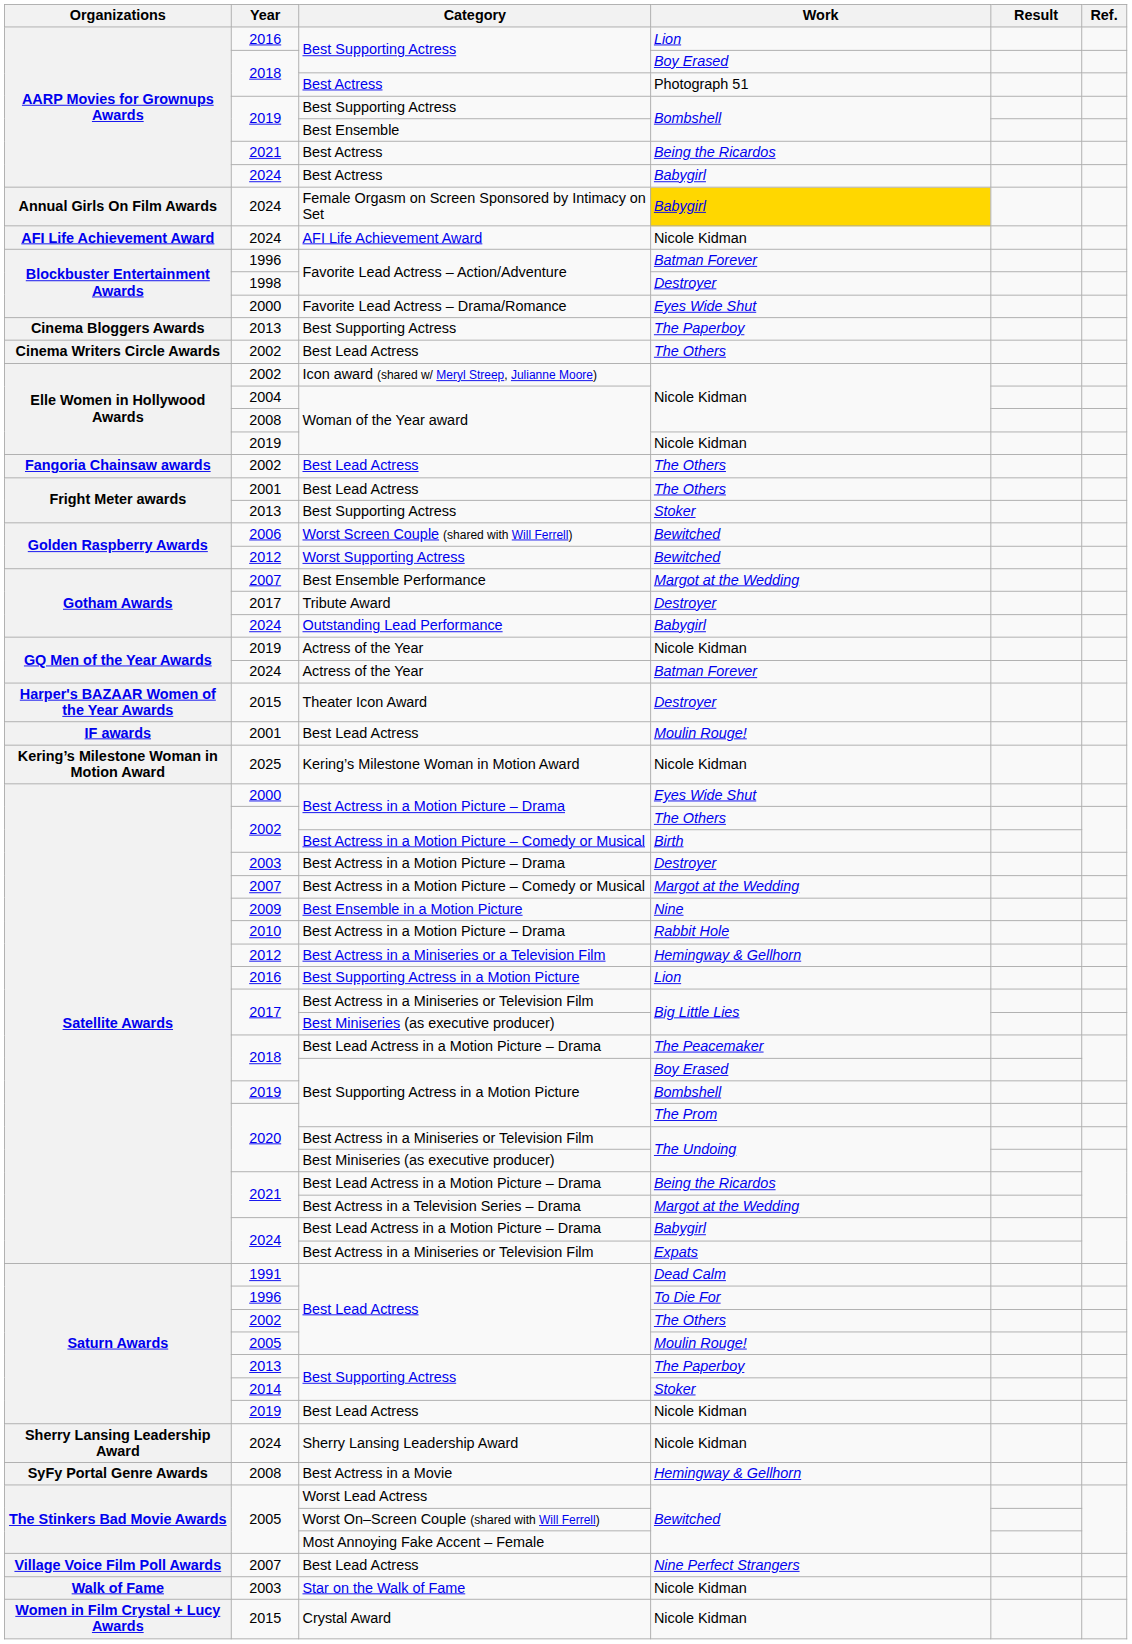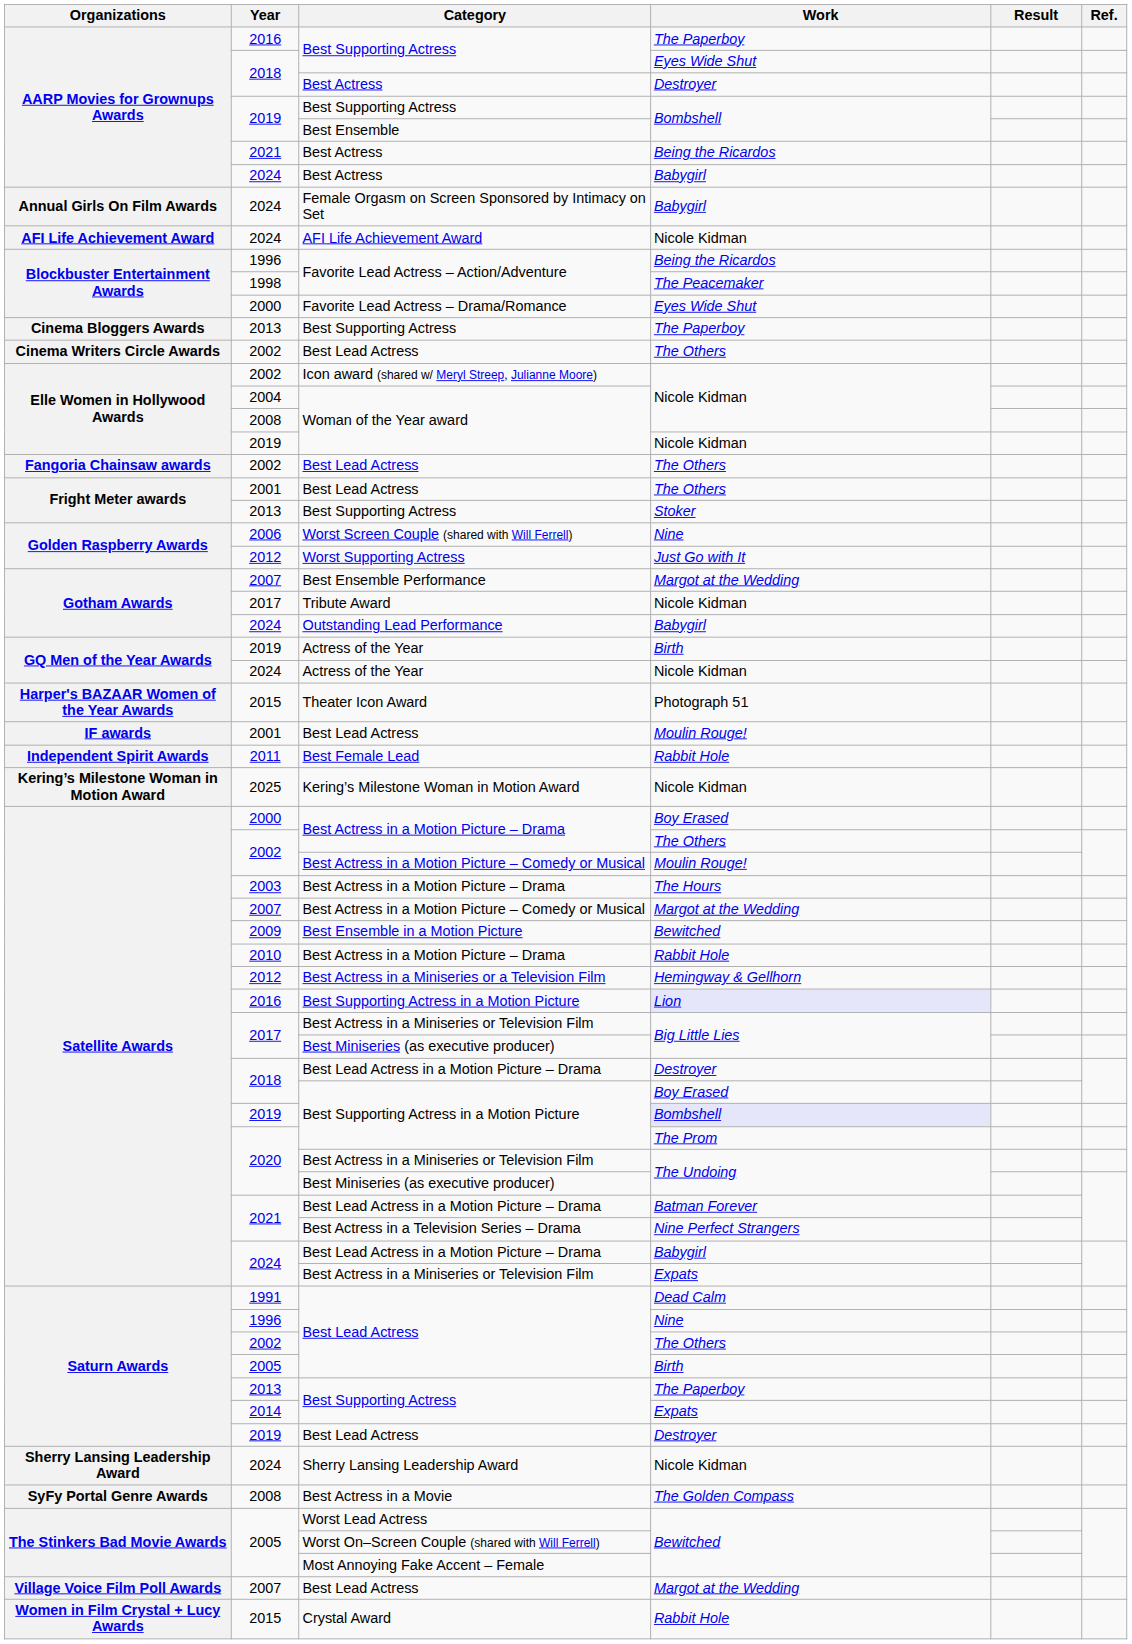 <table class="wikitable sortable plainrowheaders">
 <tr>
 <th scope="col" style="width:20%;">Organizations</th>
 <th scope="col" style="width:6%;">Year</th>
 <th scope="col" style="width:31%;">Category</th>
 <th scope="col" style="width:30%;">Work</th>
 <th scope="col" style="width:8%;">Result</th>
 <th scope="col" style="width:4%;" class="unsortable">Ref.</th>
 </tr>
 <tr>
 <th rowspan="7" scope="row"><a href='#'>AARP Movies for Grownups Awards</a></th>
 <td style="text-align:center;"><a href='#'>2016</a></td>
 <td rowspan="2"><a href='#'>Best Supporting Actress</a></td>
-<td><em><a href='#'>Lion</a></em></td>
+<td><em><a href='#'>The Paperboy</a></em></td>
 <td></td>
 <td align="center"></td>
 </tr>
 <tr>
 <td style="text-align:center;", rowspan="2"><a href='#'>2018</a></td>
-<td><em><a href='#'>Boy Erased</a></em></td>
+<td><em><a href='#'>Eyes Wide Shut</a></em></td>
 <td></td>
 <td align="center"></td>
 </tr>
 <tr>
 <td><a href='#'>Best Actress</a></td>
-<td>Photograph 51</td>
+<td><em><a href='#'>Destroyer</a></em></td>
 <td></td>
 <td align="center"></td>
 </tr>
 <tr>
 <td style="text-align:center;", rowspan="2"><a href='#'>2019</a></td>
 <td>Best Supporting Actress</td>
 <td rowspan="2"><em><a href='#'>Bombshell</a></em></td>
 <td></td>
 <td align="center"></td>
 </tr>
 <tr>
 <td>Best Ensemble</td>
 <td></td>
 <td align="center"></td>
 </tr>
 <tr>
 <td style="text-align:center;"><a href='#'>2021</a></td>
 <td>Best Actress</td>
 <td><em><a href='#'>Being the Ricardos</a></em></td>
 <td></td>
 <td align="center"></td>
 </tr>
 <tr>
 <td style="text-align:center;"><a href='#'>2024</a></td>
 <td>Best Actress</td>
 <td><em><a href='#'>Babygirl</a></em></td>
 <td></td>
 <td align="center"></td>
 </tr>
 <tr>
 <th rowspan="1" scope="row">Annual Girls On Film Awards</th>
 <td style="text-align:center;">2024</td>
 <td>Female Orgasm on Screen Sponsored by Intimacy on Set</td>
-<td style="background: gold;"><em><a href='#'>Babygirl</a></em></td>
+<td><em><a href='#'>Babygirl</a></em></td>
 <td></td>
 <td align="center"></td>
 </tr>
 <tr>
 <th rowspan="1" scope="row"><a href='#'>AFI Life Achievement Award</a></th>
 <td style="text-align:center;">2024</td>
 <td><a href='#'>AFI Life Achievement Award</a></td>
 <td>Nicole Kidman</td>
 <td></td>
 <td align="center"></td>
 </tr>
 <tr>
 <th rowspan="3" scope="row"><a href='#'>Blockbuster Entertainment Awards</a></th>
 <td style="text-align:center;">1996</td>
 <td rowspan="2">Favorite Lead Actress – Action/Adventure</td>
-<td><em><a href='#'>Batman Forever</a></em></td>
+<td><em><a href='#'>Being the Ricardos</a></em></td>
 <td></td>
 <td align="center"></td>
 </tr>
 <tr>
 <td style="text-align:center;">1998</td>
-<td><em><a href='#'>Destroyer</a></em></td>
+<td><em><a href='#'>The Peacemaker</a></em></td>
 <td></td>
 <td align="center"></td>
 </tr>
 <tr>
 <td style="text-align:center;">2000</td>
 <td>Favorite Lead Actress – Drama/Romance</td>
 <td><em><a href='#'>Eyes Wide Shut</a></em></td>
 <td></td>
 <td align="center"></td>
 </tr>
 <tr>
 <th rowspan="1" scope="row">Cinema Bloggers Awards</th>
 <td style="text-align:center;">2013</td>
 <td>Best Supporting Actress</td>
 <td><em><a href='#'>The Paperboy</a></em></td>
 <td></td>
 <td align="center"></td>
 </tr>
 <tr>
 <th rowspan="1" scope="row">Cinema Writers Circle Awards</th>
 <td style="text-align:center;">2002</td>
 <td>Best Lead Actress</td>
 <td><em><a href='#'>The Others</a></em></td>
 <td></td>
 <td align="center"></td>
 </tr>
 <tr>
 <th rowspan="4" scope="row">Elle Women in Hollywood Awards</th>
 <td style="text-align:center;">2002</td>
 <td>Icon award <small>(shared w/ <a href='#'>Meryl Streep</a>, <a href='#'>Julianne Moore</a>)</small></td>
 <td rowspan="3">Nicole Kidman</td>
 <td></td>
 <td></td>
 </tr>
 <tr>
 <td style="text-align:center;">2004</td>
 <td rowspan="3">Woman of the Year award</td>
 <td></td>
 <td></td>
 </tr>
 <tr>
 <td style="text-align:center;">2008</td>
 <td></td>
 <td></td>
 </tr>
 <tr>
 <td style="text-align:center;">2019</td>
 <td rowspan="1">Nicole Kidman</td>
 <td></td>
 <td></td>
 </tr>
 <tr>
 <th rowspan="1" scope="row"><a href='#'>Fangoria Chainsaw awards</a></th>
 <td style="text-align:center;">2002</td>
 <td><a href='#'>Best Lead Actress</a></td>
 <td><em><a href='#'>The Others</a></em></td>
 <td></td>
 <td align="center"></td>
 </tr>
 <tr>
 <th rowspan="2" scope="row">Fright Meter awards</th>
 <td style="text-align:center;">2001</td>
 <td>Best Lead Actress</td>
 <td><em><a href='#'>The Others</a></em></td>
 <td></td>
 <td align="center"></td>
 </tr>
 <tr>
 <td style="text-align:center;">2013</td>
 <td>Best Supporting Actress</td>
 <td><em><a href='#'>Stoker</a></em></td>
 <td></td>
 <td align="center"></td>
 </tr>
 <tr>
 <th rowspan="2" scope="row"><a href='#'>Golden Raspberry Awards</a></th>
 <td style="text-align:center;"><a href='#'>2006</a></td>
 <td><a href='#'>Worst Screen Couple</a> <small>(shared with <a href='#'>Will Ferrell</a>)</small></td>
-<td><em><a href='#'>Bewitched</a></em></td>
+<td><em><a href='#'>Nine</a></em></td>
 <td></td>
 <td></td>
 </tr>
 <tr>
 <td style="text-align:center;"><a href='#'>2012</a></td>
 <td><a href='#'>Worst Supporting Actress</a></td>
-<td><em><a href='#'>Bewitched</a></em></td>
+<td><em><a href='#'>Just Go with It</a></em></td>
 <td></td>
 <td></td>
 </tr>
 <tr>
 <th rowspan="3" scope="row"><a href='#'>Gotham Awards</a></th>
 <td style="text-align:center;"><a href='#'>2007</a></td>
 <td>Best Ensemble Performance</td>
 <td><em><a href='#'>Margot at the Wedding</a></em></td>
 <td></td>
 <td align="center"></td>
 </tr>
 <tr>
 <td style="text-align:center;">2017</td>
 <td>Tribute Award</td>
-<td><em><a href='#'>Destroyer</a></em></td>
+<td>Nicole Kidman</td>
 <td></td>
 <td align="center"></td>
 </tr>
 <tr>
 <td style="text-align:center;"><a href='#'>2024</a></td>
 <td><a href='#'>Outstanding Lead Performance</a></td>
 <td><em><a href='#'>Babygirl</a></em></td>
 <td></td>
 <td align="center"></td>
 </tr>
 <tr>
 <th rowspan="2" scope="row"><a href='#'>GQ Men of the Year Awards</a></th>
 <td style="text-align:center;">2019</td>
 <td>Actress of the Year</td>
-<td>Nicole Kidman</td>
+<td><em><a href='#'>Birth</a></em></td>
 <td></td>
 <td align="center"></td>
 </tr>
 <tr>
 <td style="text-align:center;">2024</td>
 <td>Actress of the Year</td>
-<td><em><a href='#'>Batman Forever</a></em></td>
+<td>Nicole Kidman</td>
 <td></td>
 <td align="center"></td>
 </tr>
 <tr>
 <th rowspan="1" scope="row"><a href='#'>Harper's BAZAAR Women of the Year Awards</a></th>
 <td style="text-align:center;">2015</td>
 <td>Theater Icon Award</td>
-<td><em><a href='#'>Destroyer</a></em></td>
+<td>Photograph 51</td>
 <td></td>
 <td align="center"></td>
 </tr>
 <tr>
 <th rowspan="1" scope="row"><a href='#'>IF awards</a></th>
 <td style="text-align:center;">2001</td>
 <td>Best Lead Actress</td>
 <td><em><a href='#'>Moulin Rouge!</a></em></td>
 <td></td>
 <td align="center"></td>
+</tr>
+<tr>
+<th rowspan="1" scope="row"><a href='#'>Independent Spirit Awards</a></th>
+<td style="text-align:center;"><a href='#'>2011</a></td>
+<td><a href='#'>Best Female Lead</a></td>
+<td><em><a href='#'>Rabbit Hole</a></em></td>
+<td></td>
+<td></td>
 </tr>
 <tr>
 <th rowspan="1" scope="row">Kering’s Milestone Woman in Motion Award</th>
 <td style="text-align:center;">2025</td>
 <td>Kering’s Milestone Woman in Motion Award</td>
 <td>Nicole Kidman</td>
 <td></td>
 <td align="center"></td>
 </tr>
 <tr>
 <th rowspan="21" scope="row"><a href='#'>Satellite Awards</a></th>
 <td style="text-align:center;"><a href='#'>2000</a></td>
 <td rowspan="2"><a href='#'>Best Actress in a Motion Picture – Drama</a></td>
-<td><em><a href='#'>Eyes Wide Shut</a></em></td>
+<td><em><a href='#'>Boy Erased</a></em></td>
 <td></td>
 <td></td>
 </tr>
 <tr>
 <td style="text-align:center;", rowspan="2"><a href='#'>2002</a></td>
 <td><em><a href='#'>The Others</a></em></td>
 <td></td>
 <td rowspan="2"></td>
 </tr>
 <tr>
 <td><a href='#'>Best Actress in a Motion Picture – Comedy or Musical</a></td>
-<td><em><a href='#'>Birth</a></em></td>
+<td><em><a href='#'>Moulin Rouge!</a></em></td>
 <td></td>
 </tr>
 <tr>
 <td style="text-align:center;"><a href='#'>2003</a></td>
 <td>Best Actress in a Motion Picture – Drama</td>
-<td><em><a href='#'>Destroyer</a></em></td>
+<td><em><a href='#'>The Hours</a></em></td>
 <td></td>
 <td></td>
 </tr>
 <tr>
 <td style="text-align:center;"><a href='#'>2007</a></td>
 <td>Best Actress in a Motion Picture – Comedy or Musical</td>
 <td><em><a href='#'>Margot at the Wedding</a></em></td>
 <td></td>
 <td></td>
 </tr>
 <tr>
 <td style="text-align:center;"><a href='#'>2009</a></td>
 <td><a href='#'>Best Ensemble in a Motion Picture</a></td>
-<td><em><a href='#'>Nine</a></em></td>
+<td><em><a href='#'>Bewitched</a></em></td>
 <td></td>
 <td></td>
 </tr>
 <tr>
 <td style="text-align:center;"><a href='#'>2010</a></td>
 <td>Best Actress in a Motion Picture – Drama</td>
 <td><em><a href='#'>Rabbit Hole</a></em></td>
 <td></td>
 <td></td>
 </tr>
 <tr>
 <td style="text-align:center;"><a href='#'>2012</a></td>
 <td><a href='#'>Best Actress in a Miniseries or a Television Film</a></td>
 <td><em><a href='#'>Hemingway & Gellhorn</a></em></td>
 <td></td>
 <td></td>
 </tr>
 <tr>
 <td style="text-align:center;"><a href='#'>2016</a></td>
 <td><a href='#'>Best Supporting Actress in a Motion Picture</a></td>
-<td><em><a href='#'>Lion</a></em></td>
+<td style="background: lavender;"><em><a href='#'>Lion</a></em></td>
 <td></td>
 <td></td>
 </tr>
 <tr>
 <td style="text-align:center;", rowspan="2"><a href='#'>2017</a></td>
 <td>Best Actress in a Miniseries or Television Film</td>
 <td rowspan="2"><em><a href='#'>Big Little Lies</a></em></td>
 <td></td>
 <td></td>
 </tr>
 <tr>
 <td><a href='#'>Best Miniseries</a> (as executive producer)</td>
 <td></td>
 <td></td>
 </tr>
 <tr>
 <td style="text-align:center;", rowspan="2"><a href='#'>2018</a></td>
 <td>Best Lead Actress in a Motion Picture – Drama</td>
-<td><em><a href='#'>The Peacemaker</a></em></td>
+<td><em><a href='#'>Destroyer</a></em></td>
 <td></td>
 <td rowspan="2"></td>
 </tr>
 <tr>
 <td rowspan="3">Best Supporting Actress in a Motion Picture</td>
 <td><em><a href='#'>Boy Erased</a></em></td>
 <td></td>
 </tr>
 <tr>
 <td style="text-align:center;"><a href='#'>2019</a></td>
-<td><em><a href='#'>Bombshell</a></em></td>
+<td style="background: lavender;"><em><a href='#'>Bombshell</a></em></td>
 <td></td>
 <td></td>
 </tr>
 <tr>
 <td style="text-align:center;", rowspan="3"><a href='#'>2020</a></td>
 <td><em><a href='#'>The Prom</a></em></td>
 <td></td>
 </tr>
 <tr>
 <td>Best Actress in a Miniseries or Television Film</td>
 <td rowspan="2"><em><a href='#'>The Undoing</a></em></td>
 <td></td>
 <td></td>
 </tr>
 <tr>
 <td>Best Miniseries (as executive producer)</td>
 <td></td>
 </tr>
 <tr>
 <td style="text-align:center;", rowspan="2"><a href='#'>2021</a></td>
 <td>Best Lead Actress in a Motion Picture – Drama</td>
-<td><em><a href='#'>Being the Ricardos</a></em></td>
+<td><em><a href='#'>Batman Forever</a></em></td>
 <td></td>
 </tr>
 <tr>
 <td>Best Actress in a Television Series – Drama</td>
-<td><em><a href='#'>Margot at the Wedding</a></em></td>
+<td><em><a href='#'>Nine Perfect Strangers</a></em></td>
 <td></td>
 </tr>
 <tr>
 <td style="text-align:center;", rowspan="2"><a href='#'>2024</a></td>
 <td>Best Lead Actress in a Motion Picture – Drama</td>
 <td><em><a href='#'>Babygirl</a></em></td>
 <td></td>
 <td style="text-align:center;" rowspan="2"></td>
 </tr>
 <tr>
 <td>Best Actress in a Miniseries or Television Film</td>
 <td><em><a href='#'>Expats</a></em></td>
 <td></td>
 </tr>
 <tr>
 <th rowspan="7" scope="row"><a href='#'>Saturn Awards</a></th>
 <td style="text-align:center;"><a href='#'>1991</a></td>
 <td rowspan="4"><a href='#'>Best Lead Actress</a></td>
 <td><em><a href='#'>Dead Calm</a></em></td>
 <td></td>
 <td></td>
 </tr>
 <tr>
 <td style="text-align:center;"><a href='#'>1996</a></td>
-<td><em><a href='#'>To Die For</a></em></td>
+<td><em><a href='#'>Nine</a></em></td>
 <td></td>
 <td></td>
 </tr>
 <tr>
 <td style="text-align:center;"><a href='#'>2002</a></td>
 <td><em><a href='#'>The Others</a></em></td>
 <td></td>
 <td></td>
 </tr>
 <tr>
 <td style="text-align:center;"><a href='#'>2005</a></td>
-<td><em><a href='#'>Moulin Rouge!</a></em></td>
+<td><em><a href='#'>Birth</a></em></td>
 <td></td>
 <td></td>
 </tr>
 <tr>
 <td style="text-align:center;"><a href='#'>2013</a></td>
 <td rowspan="2"><a href='#'>Best Supporting Actress</a></td>
 <td><em><a href='#'>The Paperboy</a></em></td>
 <td></td>
 <td></td>
 </tr>
 <tr>
 <td style="text-align:center;"><a href='#'>2014</a></td>
-<td><em><a href='#'>Stoker</a></em></td>
+<td><em><a href='#'>Expats</a></em></td>
 <td></td>
 <td></td>
 </tr>
 <tr>
 <td style="text-align:center;"><a href='#'>2019</a></td>
 <td>Best Lead Actress</td>
-<td>Nicole Kidman</td>
+<td><em><a href='#'>Destroyer</a></em></td>
 <td></td>
 <td></td>
 </tr>
 <tr>
 <th rowspan="1" scope="row">Sherry Lansing Leadership Award</th>
 <td style="text-align:center;">2024</td>
 <td>Sherry Lansing Leadership Award</td>
 <td>Nicole Kidman</td>
 <td></td>
 <td align="center"></td>
 </tr>
 <tr>
 <th rowspan="1" scope="row">SyFy Portal Genre Awards</th>
 <td style="text-align:center;">2008</td>
 <td>Best Actress in a Movie</td>
-<td><em><a href='#'>Hemingway & Gellhorn</a></em></td>
+<td><em><a href='#'>The Golden Compass</a></em></td>
 <td></td>
 <td align="center"></td>
 </tr>
 <tr>
 <th rowspan="3" scope="row"><a href='#'>The Stinkers Bad Movie Awards</a></th>
 <td style="text-align:center;", rowspan="3">2005</td>
 <td>Worst Lead Actress</td>
 <td rowspan="3"><em><a href='#'>Bewitched</a></em></td>
 <td></td>
 <td rowspan="3" , style="text-align:center"></td>
 </tr>
 <tr>
 <td>Worst On–Screen Couple <small>(shared with <a href='#'>Will Ferrell</a>)</small></td>
 <td></td>
 </tr>
 <tr>
 <td>Most Annoying Fake Accent – Female</td>
 <td></td>
 </tr>
 <tr>
 <th rowspan="1" scope="row"><a href='#'>Village Voice Film Poll Awards</a></th>
 <td style="text-align:center;">2007</td>
 <td>Best Lead Actress</td>
-<td><em><a href='#'>Nine Perfect Strangers</a></em></td>
-<td></td>
-<td align="center"></td>
-</tr>
-<tr>
-<th rowspan="1" scope="row"><a href='#'>Walk of Fame</a></th>
-<td style="text-align:center;">2003</td>
-<td><a href='#'>Star on the Walk of Fame</a></td>
-<td>Nicole Kidman</td>
+<td><em><a href='#'>Margot at the Wedding</a></em></td>
 <td></td>
 <td align="center"></td>
 </tr>
 <tr>
 <th rowspan="1" scope="row"><a href='#'>Women in Film Crystal + Lucy Awards</a></th>
 <td style="text-align:center;">2015</td>
 <td>Crystal Award</td>
-<td>Nicole Kidman</td>
+<td><em><a href='#'>Rabbit Hole</a></em></td>
 <td></td>
 <td align="center"></td>
 </tr>
 </table>
